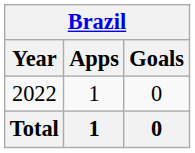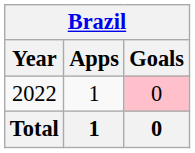 <table class="wikitable" style="text-align:center">
 <tr>
 <th colspan=3><a href='#'>Brazil</a></th>
 </tr>
 <tr>
 <th>Year</th>
 <th>Apps</th>
 <th>Goals</th>
 </tr>
 <tr>
 <td>2022</td>
 <td>1</td>
-<td>0</td>
+<td style="background: pink;">0</td>
 </tr>
 <tr>
 <th>Total</th>
 <th>1</th>
 <th>0</th>
 </tr>
 </table>
